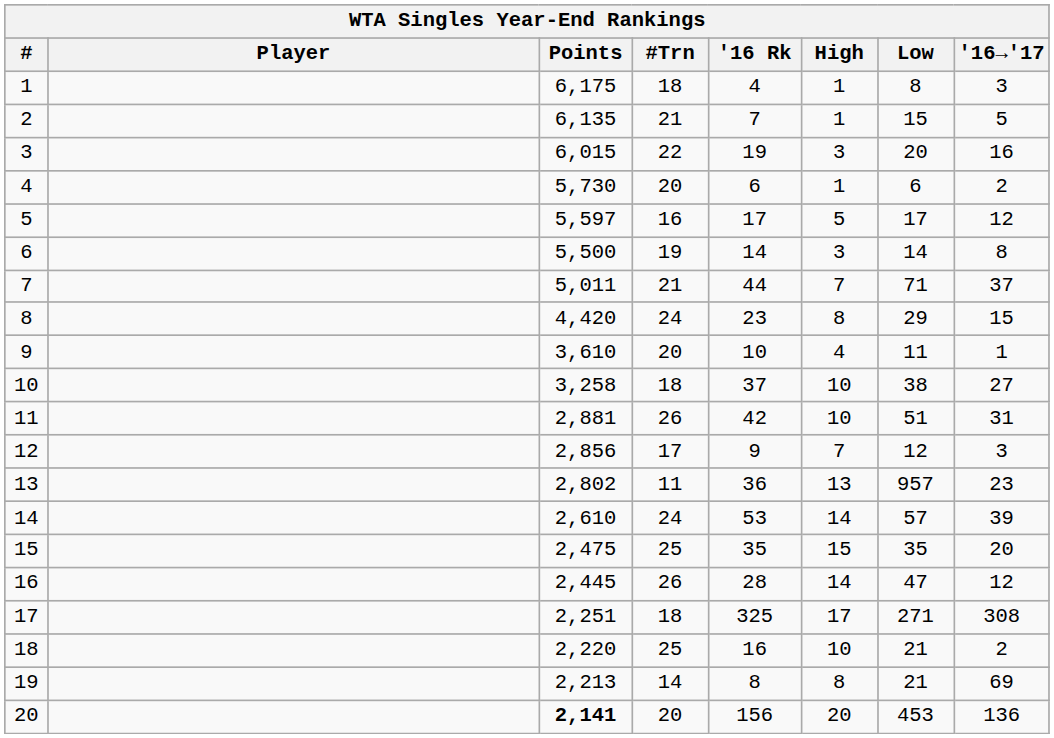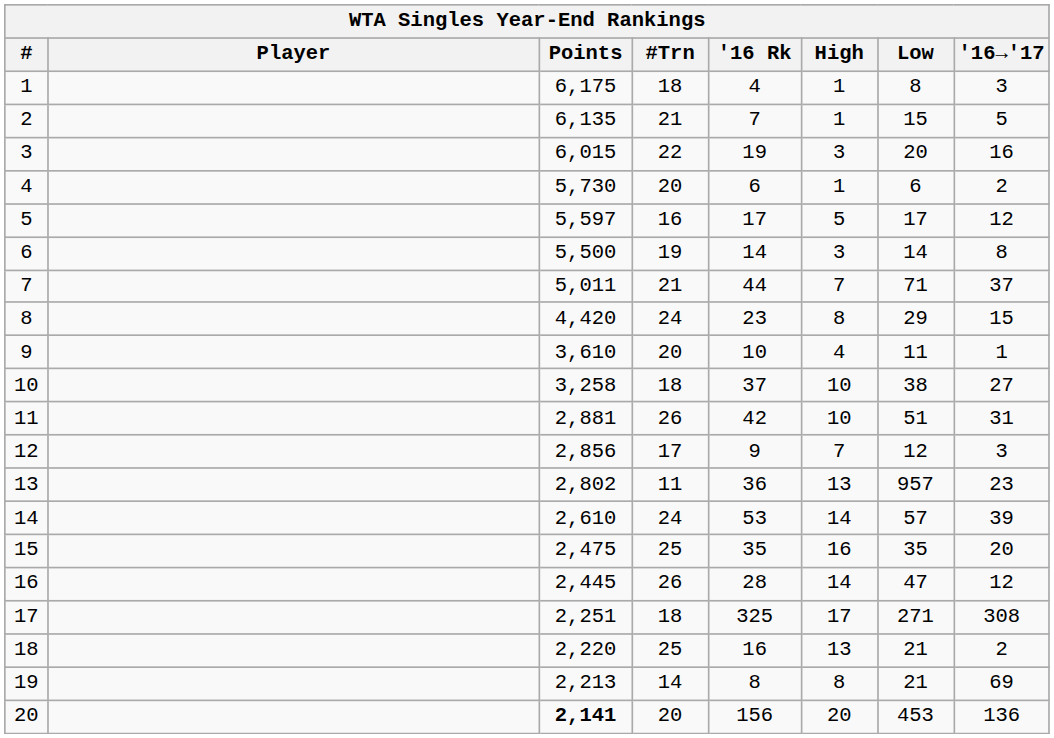 <table class="wikitable" style="font-size:95%">
 <tr>
 <th colspan="10">WTA Singles Year-End Rankings</th>
 </tr>
 <tr>
 <th style="width:20px;">#</th>
 <th style="width:290px;">Player</th>
 <th style="width:50px;">Points</th>
 <th width=40>#Trn</th>
 <th width=50>'16 Rk</th>
 <th width=40>High</th>
 <th width=40>Low</th>
 <th width=50>'16→'17</th>
 </tr>
 <tr style="text-align:center;">
 <td>1</td>
 <td style="text-align:left;"></td>
 <td>6,175</td>
 <td>18</td>
 <td>4</td>
 <td>1</td>
 <td>8</td>
 <td> 3</td>
 </tr>
 <tr style="text-align:center;">
 <td>2</td>
 <td style="text-align:left;"></td>
 <td>6,135</td>
 <td>21</td>
 <td>7</td>
 <td>1</td>
 <td>15</td>
 <td> 5</td>
 </tr>
 <tr style="text-align:center;">
 <td>3</td>
 <td style="text-align:left;"></td>
 <td>6,015</td>
 <td>22</td>
 <td>19</td>
 <td>3</td>
 <td>20</td>
 <td> 16</td>
 </tr>
 <tr style="text-align:center;">
 <td>4</td>
 <td style="text-align:left;"></td>
 <td>5,730</td>
 <td>20</td>
 <td>6</td>
 <td>1</td>
 <td>6</td>
 <td> 2</td>
 </tr>
 <tr style="text-align:center;">
 <td>5</td>
 <td style="text-align:left;"></td>
 <td>5,597</td>
 <td>16</td>
 <td>17</td>
 <td>5</td>
 <td>17</td>
 <td> 12</td>
 </tr>
 <tr style="text-align:center;">
 <td>6</td>
 <td style="text-align:left;"></td>
 <td>5,500</td>
 <td>19</td>
 <td>14</td>
 <td>3</td>
 <td>14</td>
 <td> 8</td>
 </tr>
 <tr style="text-align:center;">
 <td>7</td>
 <td style="text-align:left;"></td>
 <td>5,011</td>
 <td>21</td>
 <td>44</td>
 <td>7</td>
 <td>71</td>
 <td> 37</td>
 </tr>
 <tr style="text-align:center;">
 <td>8</td>
 <td style="text-align:left;"></td>
 <td>4,420</td>
 <td>24</td>
 <td>23</td>
 <td>8</td>
 <td>29</td>
 <td> 15</td>
 </tr>
 <tr style="text-align:center;">
 <td>9</td>
 <td style="text-align:left;"></td>
 <td>3,610</td>
 <td>20</td>
 <td>10</td>
 <td>4</td>
 <td>11</td>
 <td> 1</td>
 </tr>
 <tr style="text-align:center;">
 <td>10</td>
 <td style="text-align:left;"></td>
 <td>3,258</td>
 <td>18</td>
 <td>37</td>
 <td>10</td>
 <td>38</td>
 <td> 27</td>
 </tr>
 <tr style="text-align:center;">
 <td>11</td>
 <td style="text-align:left;"></td>
 <td>2,881</td>
 <td>26</td>
 <td>42</td>
 <td>10</td>
 <td>51</td>
 <td> 31</td>
 </tr>
 <tr style="text-align:center;">
 <td>12</td>
 <td style="text-align:left;"></td>
 <td>2,856</td>
 <td>17</td>
 <td>9</td>
 <td>7</td>
 <td>12</td>
 <td> 3</td>
 </tr>
 <tr style="text-align:center;">
 <td>13</td>
 <td style="text-align:left;"></td>
 <td>2,802</td>
 <td>11</td>
 <td>36</td>
 <td>13</td>
 <td>957</td>
 <td> 23</td>
 </tr>
 <tr style="text-align:center;">
 <td>14</td>
 <td style="text-align:left;"></td>
 <td>2,610</td>
 <td>24</td>
 <td>53</td>
 <td>14</td>
 <td>57</td>
 <td> 39</td>
 </tr>
 <tr style="text-align:center;">
 <td>15</td>
 <td style="text-align:left;"></td>
 <td>2,475</td>
 <td>25</td>
 <td>35</td>
-<td>15</td>
+<td>16</td>
 <td>35</td>
 <td> 20</td>
 </tr>
 <tr style="text-align:center;">
 <td>16</td>
 <td style="text-align:left;"></td>
 <td>2,445</td>
 <td>26</td>
 <td>28</td>
 <td>14</td>
 <td>47</td>
 <td> 12</td>
 </tr>
 <tr style="text-align:center;">
 <td>17</td>
 <td style="text-align:left;"></td>
 <td>2,251</td>
 <td>18</td>
 <td>325</td>
 <td>17</td>
 <td>271</td>
 <td> 308</td>
 </tr>
 <tr style="text-align:center;">
 <td>18</td>
 <td style="text-align:left;"></td>
 <td>2,220</td>
 <td>25</td>
 <td>16</td>
-<td>10</td>
+<td>13</td>
 <td>21</td>
 <td> 2</td>
 </tr>
 <tr style="text-align:center;">
 <td>19</td>
 <td style="text-align:left;"></td>
 <td>2,213</td>
 <td>14</td>
 <td>8</td>
 <td>8</td>
 <td>21</td>
 <td> 69</td>
 </tr>
 <tr style="text-align:center;">
 <td>20</td>
 <td style="text-align:left;"></td>
 <td><strong>2,141</strong></td>
 <td>20</td>
 <td>156</td>
 <td>20</td>
 <td>453</td>
 <td> 136</td>
 </tr>
 </table>
